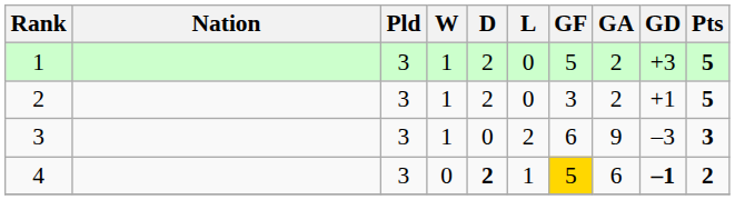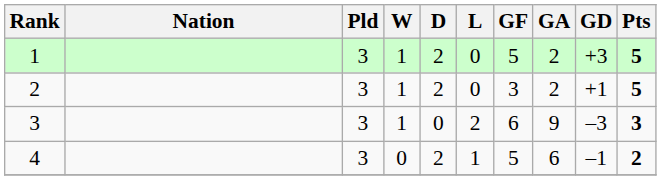 <table class="wikitable" style="text-align: center;">
 <tr>
 <th width=5>Rank</th>
 <th width=200>Nation</th>
 <th width=20>Pld</th>
 <th width=20>W</th>
 <th width=20>D</th>
 <th width=20>L</th>
 <th width=20>GF</th>
 <th width=20>GA</th>
 <th width=20>GD</th>
 <th width=20>Pts</th>
 </tr>
 <tr style="background:#ccffcc">
 <td>1</td>
 <td style="text-align:left"></td>
 <td>3</td>
 <td>1</td>
 <td>2</td>
 <td>0</td>
 <td>5</td>
 <td>2</td>
 <td>+3</td>
 <td><strong>5</strong></td>
 </tr>
 <tr>
 <td>2</td>
 <td style="text-align:left"></td>
 <td>3</td>
 <td>1</td>
 <td>2</td>
 <td>0</td>
 <td>3</td>
 <td>2</td>
 <td>+1</td>
 <td><strong>5</strong></td>
 </tr>
 <tr>
 <td>3</td>
 <td style="text-align:left"></td>
 <td>3</td>
 <td>1</td>
 <td>0</td>
 <td>2</td>
 <td>6</td>
 <td>9</td>
 <td>–3</td>
 <td><strong>3</strong></td>
 </tr>
 <tr>
 <td>4</td>
 <td style="text-align:left"></td>
 <td>3</td>
 <td>0</td>
-<td><strong>2</strong></td>
+<td>2</td>
 <td>1</td>
-<td style="background: gold;">5</td>
+<td>5</td>
 <td>6</td>
-<td><strong>–1</strong></td>
+<td>–1</td>
 <td><strong>2</strong></td>
 </tr>
 <tr>
 </tr>
 </table>
